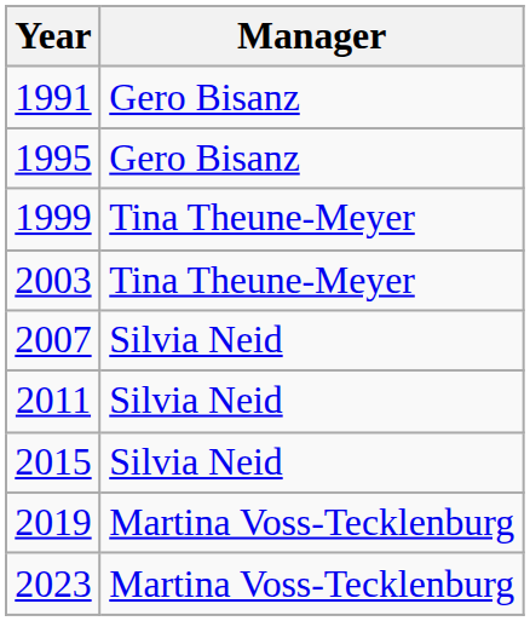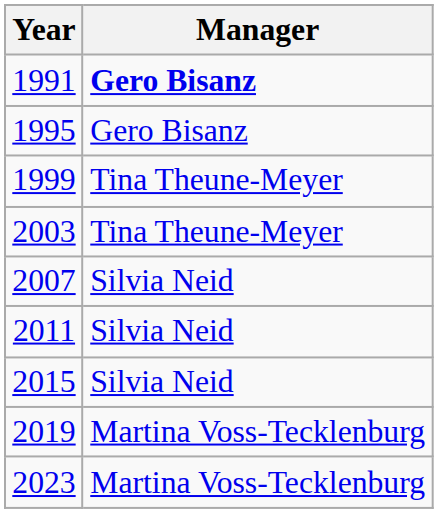 <table class="wikitable">
 <tr>
 <th>Year</th>
 <th>Manager</th>
 </tr>
 <tr>
 <td align=center><a href='#'>1991</a></td>
-<td> <a href='#'>Gero Bisanz</a></td>
+<td><strong> <a href='#'>Gero Bisanz</a></strong></td>
 </tr>
 <tr>
 <td align=center><a href='#'>1995</a></td>
 <td> <a href='#'>Gero Bisanz</a></td>
 </tr>
 <tr>
 <td align=center><a href='#'>1999</a></td>
 <td> <a href='#'>Tina Theune-Meyer</a></td>
 </tr>
 <tr>
 <td align=center><a href='#'>2003</a></td>
 <td> <a href='#'>Tina Theune-Meyer</a></td>
 </tr>
 <tr>
 <td align=center><a href='#'>2007</a></td>
 <td> <a href='#'>Silvia Neid</a></td>
 </tr>
 <tr>
 <td align=center><a href='#'>2011</a></td>
 <td> <a href='#'>Silvia Neid</a></td>
 </tr>
 <tr>
 <td align=center><a href='#'>2015</a></td>
 <td> <a href='#'>Silvia Neid</a></td>
 </tr>
 <tr>
 <td align=center><a href='#'>2019</a></td>
 <td> <a href='#'>Martina Voss-Tecklenburg</a></td>
 </tr>
 <tr>
 <td align=center><a href='#'>2023</a></td>
 <td> <a href='#'>Martina Voss-Tecklenburg</a></td>
 </tr>
 </table>
